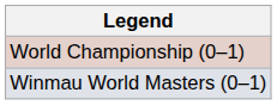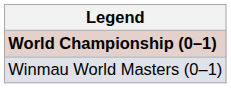 <table class="wikitable">
 <tr>
 <th>Legend</th>
 </tr>
 <tr style="background:#e5d1cb;">
-<td>World Championship (0–1)</td>
+<td><strong>World Championship (0–1)</strong></td>
 </tr>
 <tr style="background:#dfe2e9;">
 <td>Winmau World Masters (0–1)</td>
 </tr>
 </table>
